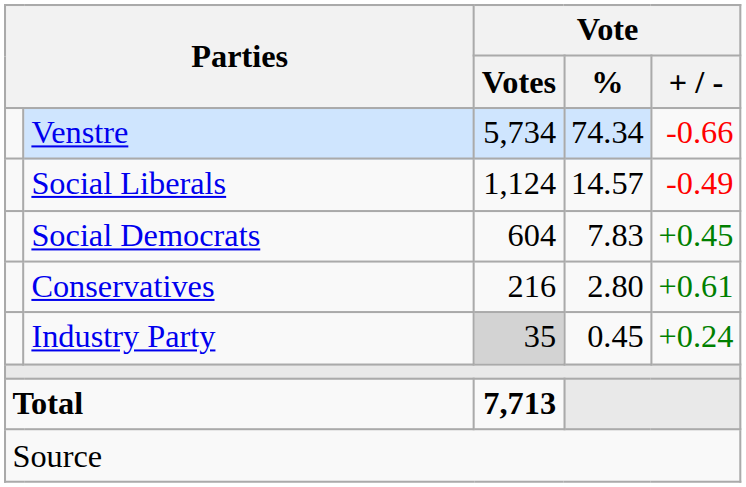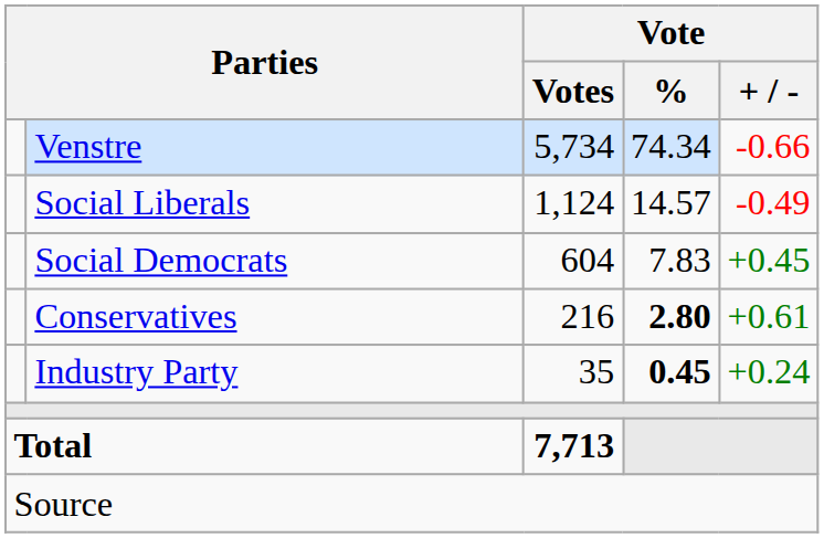 <table class="wikitable" style="text-align:right;">
 <tr>
 <th style="text-align:centre;" rowspan="2" colspan="2" width="225">Parties</th>
 <th colspan="3">Vote</th>
 </tr>
 <tr>
 <th width="15">Votes</th>
 <th width="15">%</th>
 <th width="15">+ / -</th>
 </tr>
 <tr>
 <td width="2" style="color:inherit;background:"></td>
 <td bgcolor=#cfe5fe  align="left"><a href='#'>Venstre</a></td>
 <td bgcolor=#cfe5fe>5,734</td>
 <td bgcolor=#cfe5fe>74.34</td>
 <td style=color:red;>-0.66</td>
 </tr>
 <tr>
 <td width="2" style="color:inherit;background:"></td>
 <td align="left"><a href='#'>Social Liberals</a></td>
 <td>1,124</td>
 <td>14.57</td>
 <td style=color:red;>-0.49</td>
 </tr>
 <tr>
 <td width="2" style="color:inherit;background:"></td>
 <td align="left"><a href='#'>Social Democrats</a></td>
 <td>604</td>
 <td>7.83</td>
 <td style=color:green;>+0.45</td>
 </tr>
 <tr>
 <td width="2" style="color:inherit;background:"></td>
 <td align="left"><a href='#'>Conservatives</a></td>
 <td>216</td>
-<td>2.80</td>
+<td><strong>2.80</strong></td>
 <td style=color:green;>+0.61</td>
 </tr>
 <tr>
 <td width="2" style="color:inherit;background:"></td>
 <td align="left"><a href='#'>Industry Party</a></td>
-<td style="background: lightgrey;">35</td>
-<td>0.45</td>
+<td>35</td>
+<td><strong>0.45</strong></td>
 <td style=color:green;>+0.24</td>
 </tr>
 <tr>
 <td colspan="7" bgcolor="#E9E9E9"></td>
 </tr>
 <tr>
 <td align="left" colspan="2"><strong>Total</strong></td>
 <td><strong>7,713</strong></td>
 <td bgcolor="#E9E9E9" colspan="2"></td>
 </tr>
 <tr>
 <td align="left" colspan="6">Source</td>
 </tr>
 </table>
